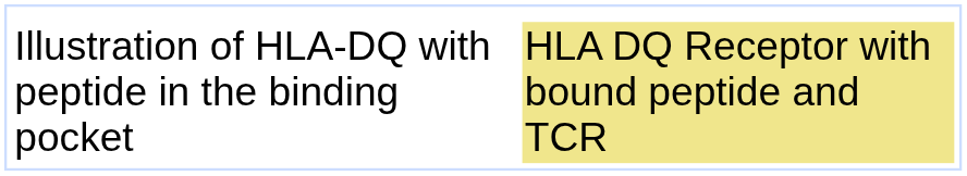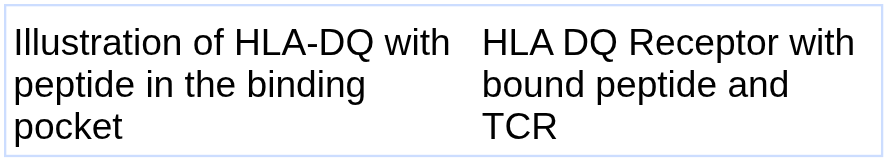 <table align = "left" style="width:30%; margin-left:0em; margin-right:1em; border:1px #ccddff solid;">
 <tr>
 <td></td>
 <td></td>
 </tr>
 <tr>
 <td>Illustration of HLA-DQ with peptide in the binding pocket</td>
-<td style="background: khaki;">HLA DQ Receptor with bound peptide and TCR</td>
+<td>HLA DQ Receptor with bound peptide and TCR</td>
 </tr>
 </table>
